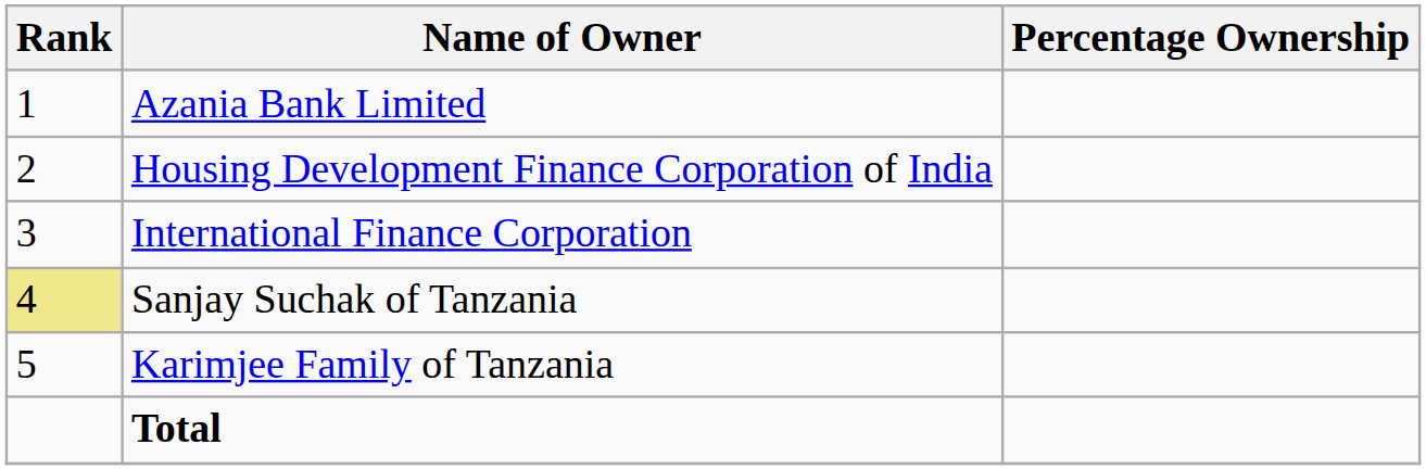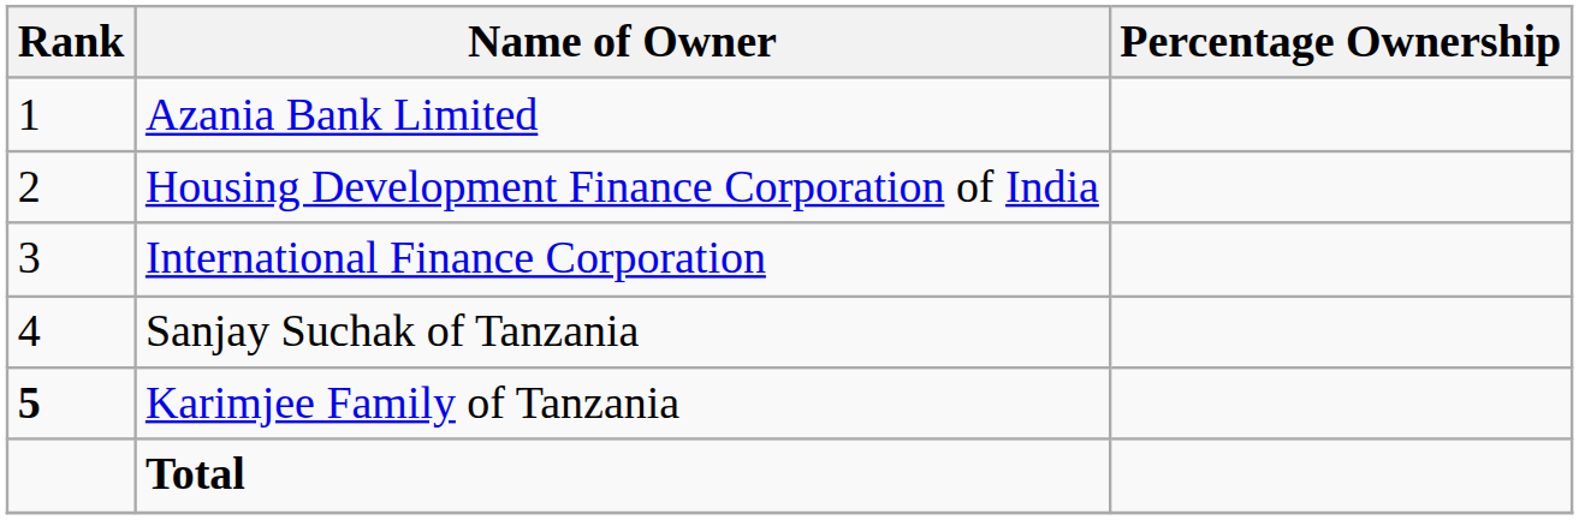 <table class="wikitable sortable" style="margin-left:auto;margin-right:auto">
 <tr>
 <th style="width:2em;">Rank</th>
 <th>Name of Owner</th>
 <th>Percentage Ownership</th>
 </tr>
 <tr>
 <td>1</td>
 <td><a href='#'>Azania Bank Limited</a></td>
 <td></td>
 </tr>
 <tr>
 <td>2</td>
 <td><a href='#'>Housing Development Finance Corporation</a> of <a href='#'>India</a></td>
 <td></td>
 </tr>
 <tr>
 <td>3</td>
 <td><a href='#'>International Finance Corporation</a></td>
 <td></td>
 </tr>
 <tr>
-<td style="background: khaki;">4</td>
+<td>4</td>
 <td>Sanjay Suchak of Tanzania</td>
 <td></td>
 </tr>
 <tr>
-<td>5</td>
+<td><strong>5</strong></td>
 <td><a href='#'>Karimjee Family</a> of Tanzania</td>
 <td></td>
 </tr>
 <tr>
 <td></td>
 <td><strong>Total</strong></td>
 <td></td>
 </tr>
 <tr>
 </tr>
 </table>
